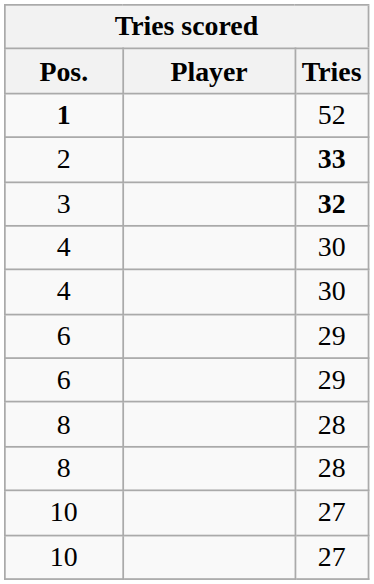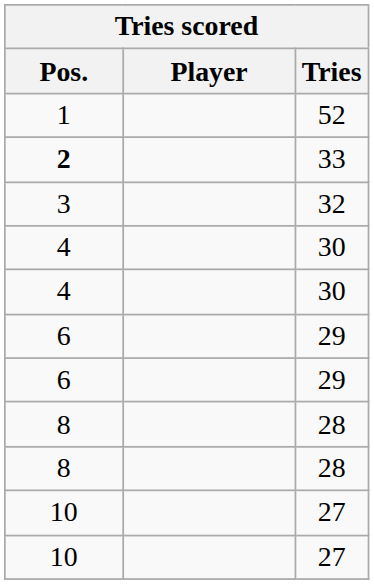 <table class="wikitable" style="text-align:center">
 <tr bgcolor="#efefef">
 <th colspan=4 style="border-right:0px;";>Tries scored<br></th>
 </tr>
 <tr bgcolor="#efefef">
 <th>Pos.</th>
 <th>Player</th>
 <th width=20%>Tries</th>
 </tr>
 <tr>
-<td><strong>1</strong></td>
+<td>1</td>
 <td align=left></td>
 <td>52</td>
 </tr>
 <tr>
-<td>2</td>
+<td><strong>2</strong></td>
 <td align=left></td>
-<td><strong>33</strong></td>
+<td>33</td>
 </tr>
 <tr>
 <td>3</td>
 <td align=left></td>
-<td><strong>32</strong></td>
+<td>32</td>
 </tr>
 <tr>
 <td>4</td>
 <td align=left></td>
 <td>30</td>
 </tr>
 <tr>
 <td>4</td>
 <td align=left></td>
 <td>30</td>
 </tr>
 <tr>
 <td>6</td>
 <td align=left></td>
 <td>29</td>
 </tr>
 <tr>
 <td>6</td>
 <td align=left></td>
 <td>29</td>
 </tr>
 <tr>
 <td>8</td>
 <td align=left></td>
 <td>28</td>
 </tr>
 <tr>
 <td>8</td>
 <td align=left></td>
 <td>28</td>
 </tr>
 <tr>
 <td>10</td>
 <td align=left></td>
 <td>27</td>
 </tr>
 <tr>
 <td>10</td>
 <td align=left></td>
 <td>27</td>
 </tr>
 </table>
